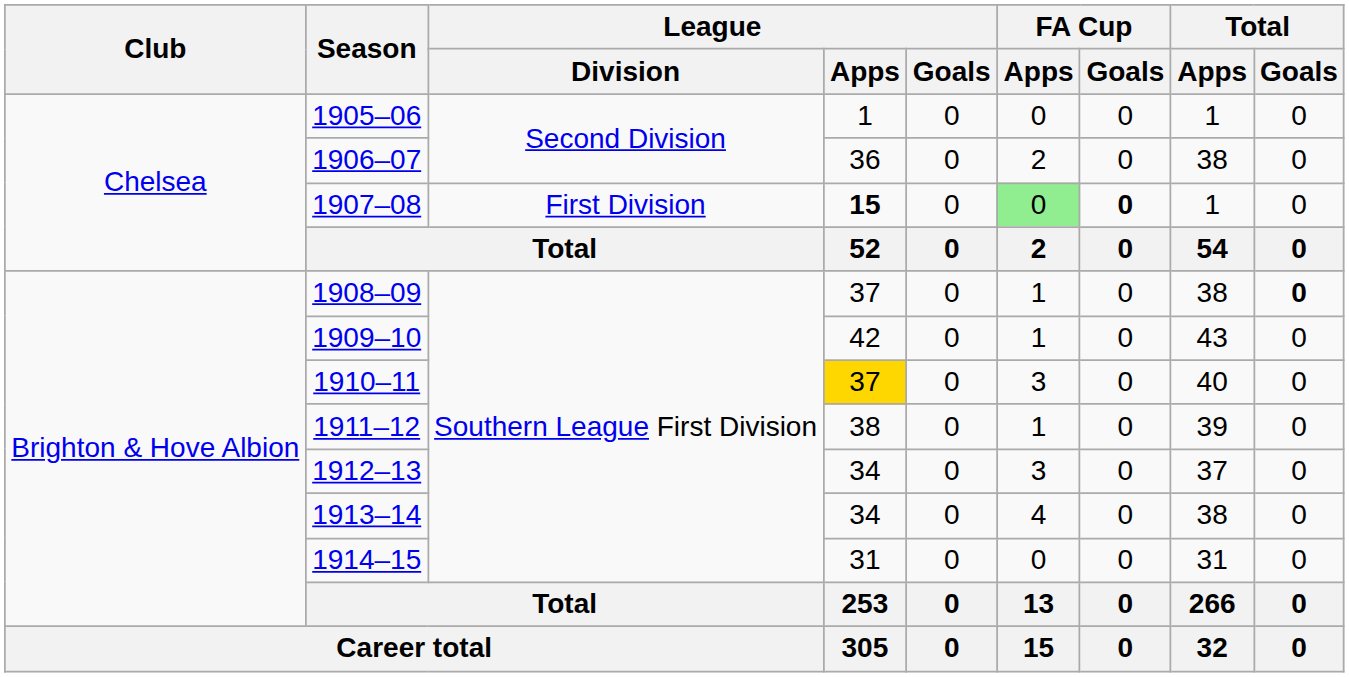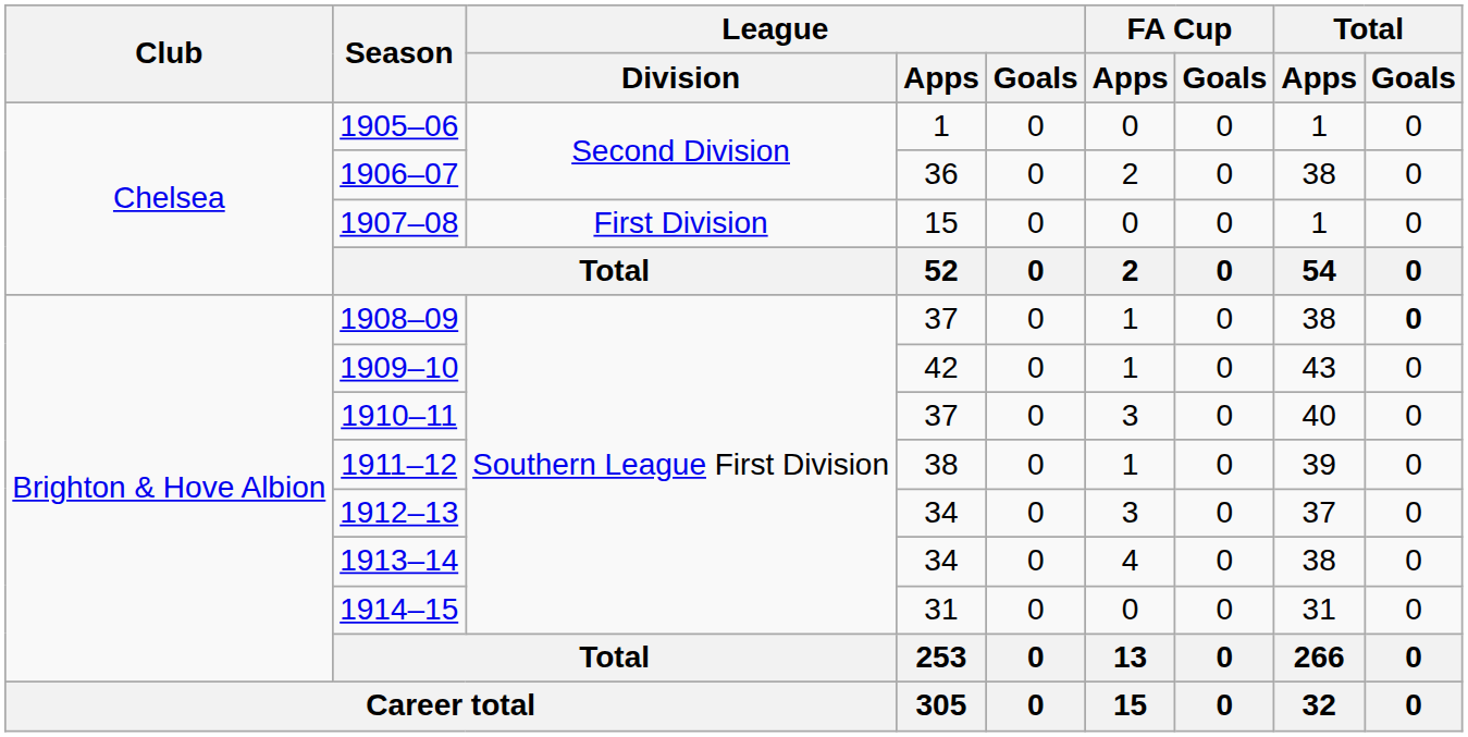 <table class="wikitable" style="text-align: center;">
 <tr>
 <th rowspan="2">Club</th>
 <th rowspan="2">Season</th>
 <th colspan="3">League</th>
 <th colspan="2">FA Cup</th>
 <th colspan="2">Total</th>
 </tr>
 <tr>
 <th>Division</th>
 <th>Apps</th>
 <th>Goals</th>
 <th>Apps</th>
 <th>Goals</th>
 <th>Apps</th>
 <th>Goals</th>
 </tr>
 <tr>
 <td rowspan=4><a href='#'>Chelsea</a></td>
 <td><a href='#'>1905–06</a></td>
 <td rowspan="2"><a href='#'>Second Division</a></td>
 <td>1</td>
 <td>0</td>
 <td>0</td>
 <td>0</td>
 <td>1</td>
 <td>0</td>
 </tr>
 <tr>
 <td><a href='#'>1906–07</a></td>
 <td>36</td>
 <td>0</td>
 <td>2</td>
 <td>0</td>
 <td>38</td>
 <td>0</td>
 </tr>
 <tr>
 <td><a href='#'>1907–08</a></td>
 <td><a href='#'>First Division</a></td>
-<td><strong>15</strong></td>
+<td>15</td>
 <td>0</td>
-<td style="background: lightgreen;">0</td>
-<td><strong>0</strong></td>
+<td>0</td>
+<td>0</td>
 <td>1</td>
 <td>0</td>
 </tr>
 <tr>
 <th colspan=2>Total</th>
 <th>52</th>
 <th>0</th>
 <th>2</th>
 <th>0</th>
 <th>54</th>
 <th>0</th>
 </tr>
 <tr>
 <td rowspan=8><a href='#'>Brighton & Hove Albion</a></td>
 <td><a href='#'>1908–09</a></td>
 <td rowspan="7"><a href='#'>Southern League</a> First Division</td>
 <td>37</td>
 <td>0</td>
 <td>1</td>
 <td>0</td>
 <td>38</td>
 <td><strong>0</strong></td>
 </tr>
 <tr>
 <td><a href='#'>1909–10</a></td>
 <td>42</td>
 <td>0</td>
 <td>1</td>
 <td>0</td>
 <td>43</td>
 <td>0</td>
 </tr>
 <tr>
 <td><a href='#'>1910–11</a></td>
-<td style="background: gold;">37</td>
+<td>37</td>
 <td>0</td>
 <td>3</td>
 <td>0</td>
 <td>40</td>
 <td>0</td>
 </tr>
 <tr>
 <td><a href='#'>1911–12</a></td>
 <td>38</td>
 <td>0</td>
 <td>1</td>
 <td>0</td>
 <td>39</td>
 <td>0</td>
 </tr>
 <tr>
 <td><a href='#'>1912–13</a></td>
 <td>34</td>
 <td>0</td>
 <td>3</td>
 <td>0</td>
 <td>37</td>
 <td>0</td>
 </tr>
 <tr>
 <td><a href='#'>1913–14</a></td>
 <td>34</td>
 <td>0</td>
 <td>4</td>
 <td>0</td>
 <td>38</td>
 <td>0</td>
 </tr>
 <tr>
 <td><a href='#'>1914–15</a></td>
 <td>31</td>
 <td>0</td>
 <td>0</td>
 <td>0</td>
 <td>31</td>
 <td>0</td>
 </tr>
 <tr>
 <th colspan=2>Total</th>
 <th>253</th>
 <th>0</th>
 <th>13</th>
 <th>0</th>
 <th>266</th>
 <th>0</th>
 </tr>
 <tr>
 <th colspan=3>Career total</th>
 <th>305</th>
 <th>0</th>
 <th>15</th>
 <th>0</th>
 <th>32</th>
 <th>0</th>
 </tr>
 </table>
